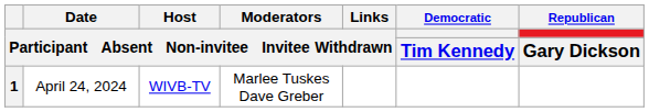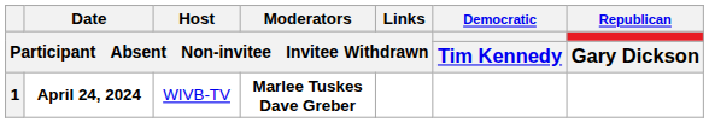 <table class="wikitable mw-collapsible" style="text-align:center;">
 <tr style="font-size:small;">
 <th scope="col"></th>
 <th scope="col">Date</th>
 <th scope="col">Host</th>
 <th scope="col">Moderators</th>
 <th scope="col">Links</th>
 <th scope="col"><small><a href='#'>Democratic</a></small></th>
 <th scope="col"><small><a href='#'>Republican</a></small></th>
 </tr>
 <tr>
 <th colspan="5" rowspan="2"> <small>Participant  </small> <small>Absent  </small> <small>Non-invitee  </small> <small>Invitee</small> <small> Withdrawn</small></th>
 <th scope="col" style="background:"></th>
 <th scope="col" style="background:#E81B23;"></th>
 </tr>
 <tr>
 <th scope="col"><a href='#'>Tim Kennedy</a></th>
 <th scope="col">Gary Dickson</th>
 </tr>
 <tr style="background:#FFFFFF;font-size:small;">
 <th scope="row">1</th>
-<td style="white-space:nowrap;">April 24, 2024</td>
+<td style="white-space:nowrap;"><strong>April 24, 2024</strong></td>
 <td style="white-space:nowrap;"><a href='#'>WIVB-TV</a></td>
-<td style="white-space:nowrap;">Marlee Tuskes<br>Dave Greber</td>
+<td style="white-space:nowrap;"><strong>Marlee Tuskes<br>Dave Greber</strong></td>
 <td style="white-space:nowrap;"></td>
 <td></td>
 <td></td>
 </tr>
 </table>
